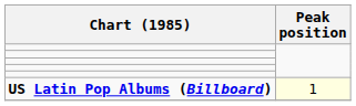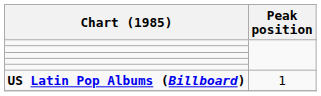 <table class="wikitable">
 <tr>
 <th>Chart (1985)</th>
 <th>Peak<br>position</th>
 </tr>
 <tr>
 <td></td>
 </tr>
 <tr>
 <td></td>
 </tr>
 <tr>
 <td></td>
 </tr>
 <tr>
 <td></td>
 </tr>
 <tr>
 <td></td>
 </tr>
 <tr>
 <td><strong>US <a href='#'>Latin Pop Albums</a> (<em><a href='#'>Billboard</a></em>)</strong></td>
-<td align="center" style="background: lightyellow;">1</td>
+<td align="center">1</td>
 </tr>
 <tr>
 </tr>
 </table>
